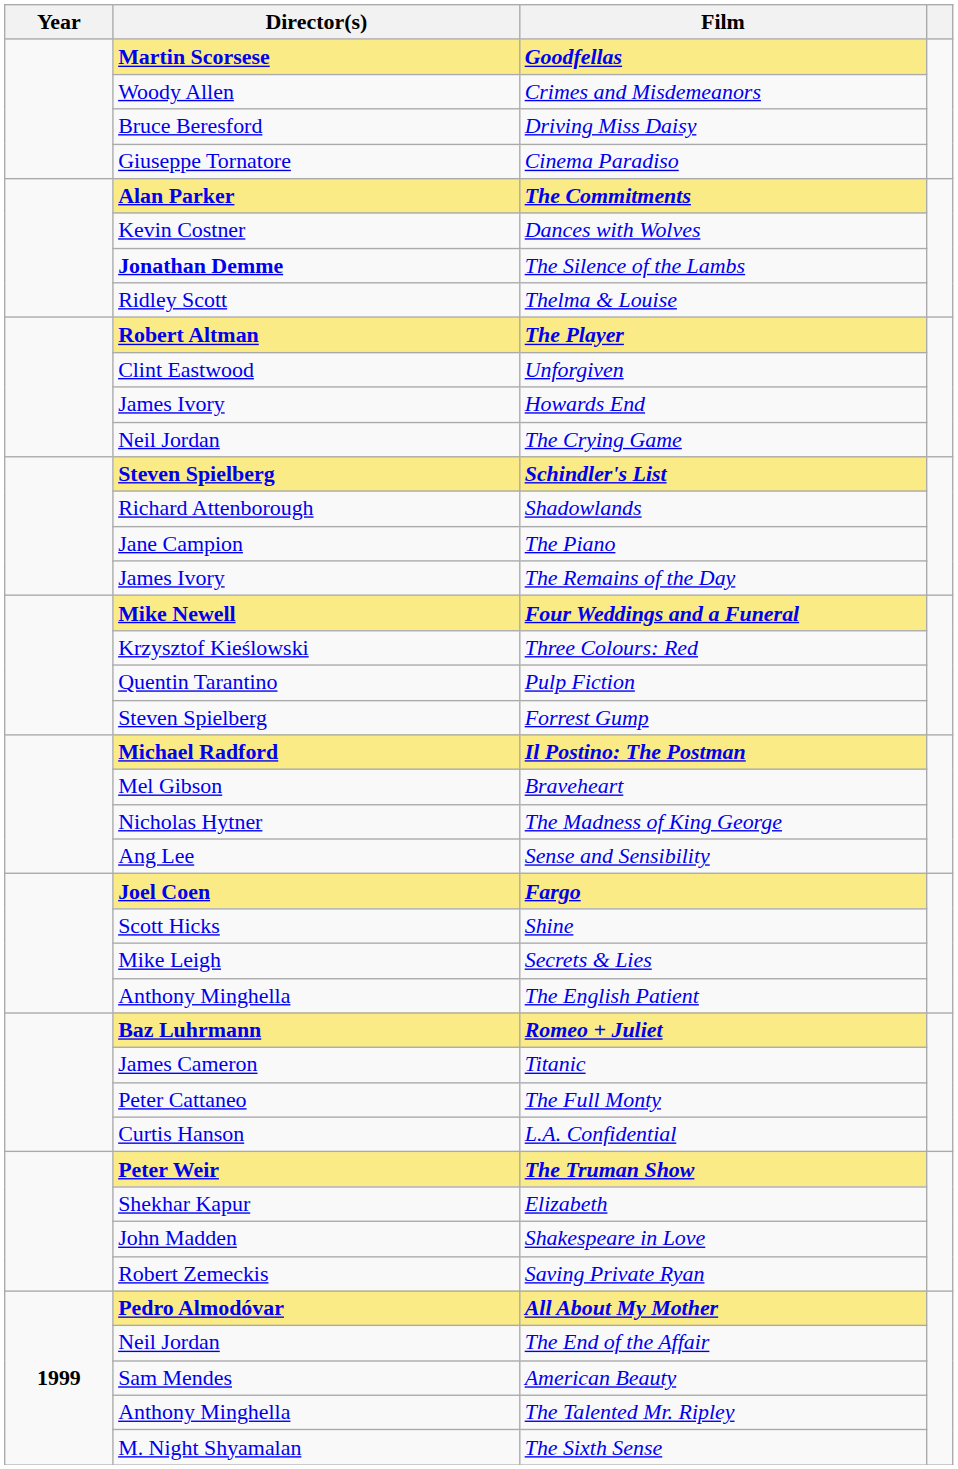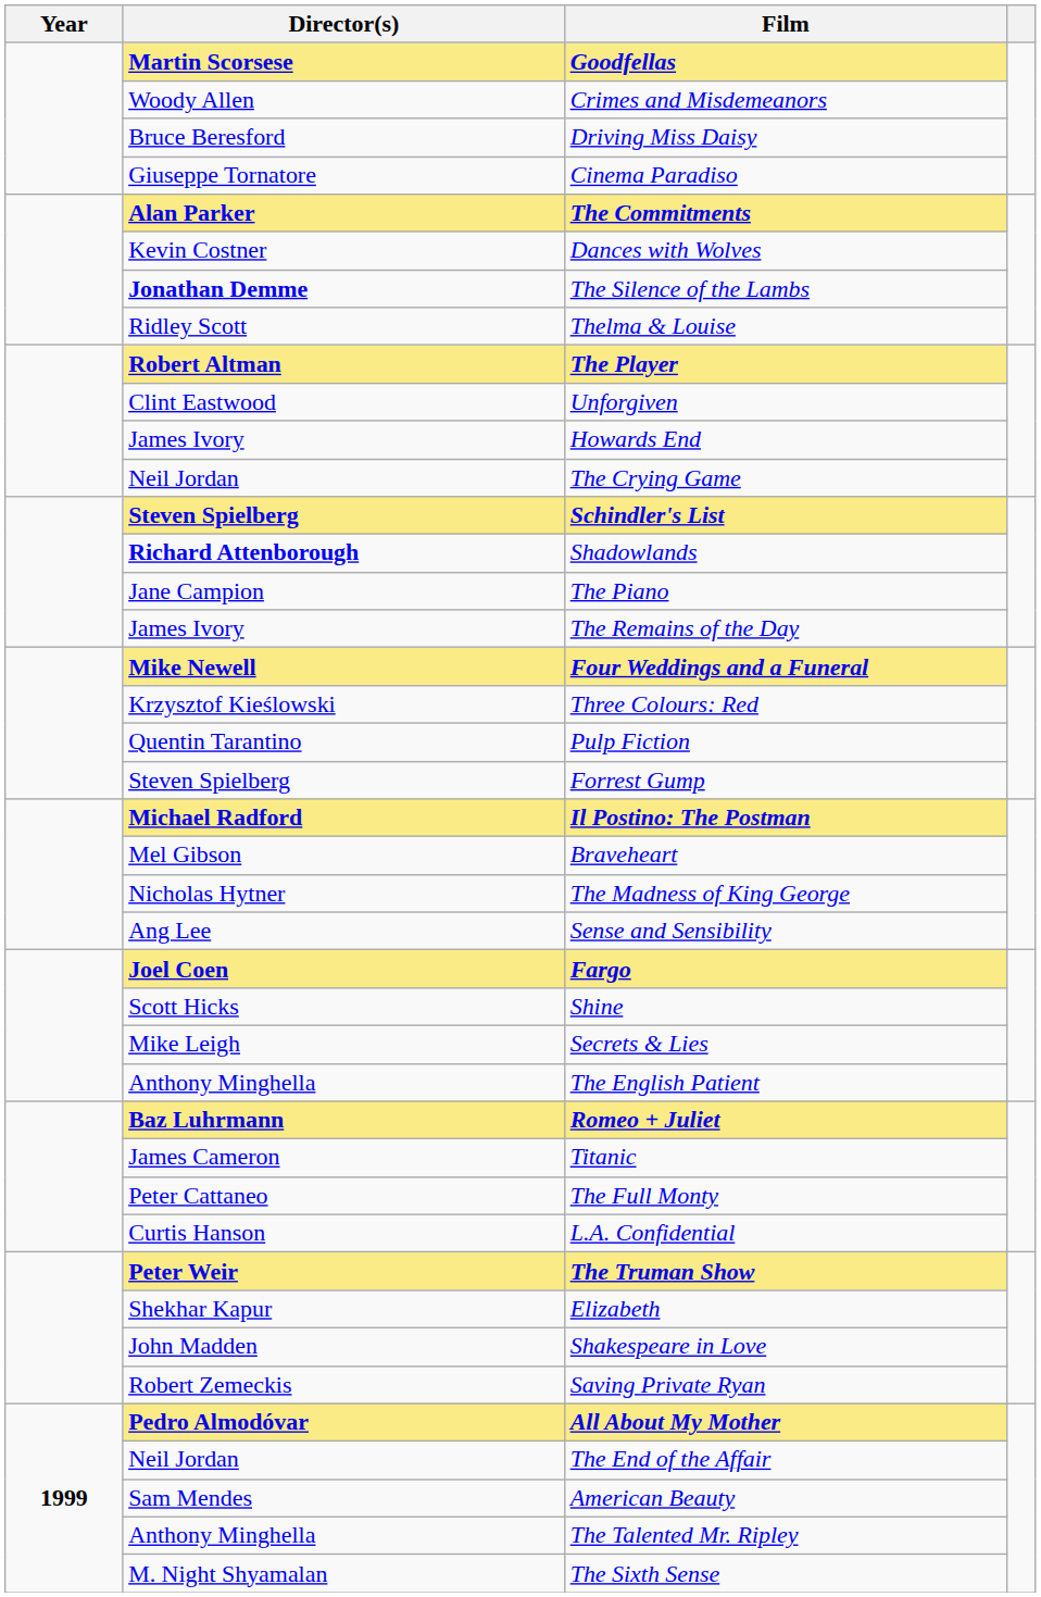 <table class="wikitable sortable">
 <tr>
 <th scope="col" style="width:8%;">Year</th>
 <th scope="col" style="width:30%;">Director(s)</th>
 <th scope="col" style="width:30%;">Film</th>
 <th scope="col" style="width:2%;" class="unsortable"></th>
 </tr>
 <tr>
 <td rowspan="4"></td>
 <td style="background:#FAEB86"><strong><a href='#'>Martin Scorsese</a></strong></td>
 <td style="background:#FAEB86"><strong><em><a href='#'>Goodfellas</a></em></strong></td>
 <td rowspan=4></td>
 </tr>
 <tr>
 <td><a href='#'>Woody Allen</a></td>
 <td><em><a href='#'>Crimes and Misdemeanors</a></em></td>
 </tr>
 <tr>
 <td><a href='#'>Bruce Beresford</a></td>
 <td><em><a href='#'>Driving Miss Daisy</a> </em></td>
 </tr>
 <tr>
 <td><a href='#'>Giuseppe Tornatore</a></td>
 <td><em><a href='#'>Cinema Paradiso</a> </em></td>
 </tr>
 <tr>
 <td rowspan="4"></td>
 <td style="background:#FAEB86"><strong><a href='#'>Alan Parker</a></strong></td>
 <td style="background:#FAEB86"><strong><em><a href='#'>The Commitments</a></em></strong></td>
 <td rowspan=4></td>
 </tr>
 <tr>
 <td><a href='#'>Kevin Costner</a></td>
 <td><em><a href='#'>Dances with Wolves</a></em></td>
 </tr>
 <tr>
 <td><strong><a href='#'>Jonathan Demme</a></strong></td>
 <td><em><a href='#'>The Silence of the Lambs</a></em></td>
 </tr>
 <tr>
 <td><a href='#'>Ridley Scott</a></td>
 <td><em><a href='#'>Thelma & Louise</a></em></td>
 </tr>
 <tr>
 <td rowspan="4"></td>
 <td style="background:#FAEB86"><strong><a href='#'>Robert Altman</a></strong></td>
 <td style="background:#FAEB86"><strong><em><a href='#'>The Player</a></em></strong></td>
 <td rowspan=4></td>
 </tr>
 <tr>
 <td><a href='#'>Clint Eastwood</a></td>
 <td><em><a href='#'>Unforgiven</a></em></td>
 </tr>
 <tr>
 <td><a href='#'>James Ivory</a></td>
 <td><em><a href='#'>Howards End</a></em></td>
 </tr>
 <tr>
 <td><a href='#'>Neil Jordan</a></td>
 <td><em><a href='#'>The Crying Game</a></em></td>
 </tr>
 <tr>
 <td rowspan="4"></td>
 <td style="background:#FAEB86"><strong><a href='#'>Steven Spielberg</a></strong></td>
 <td style="background:#FAEB86"><strong><em><a href='#'>Schindler's List</a></em></strong></td>
 <td rowspan=4></td>
 </tr>
 <tr>
-<td><a href='#'>Richard Attenborough</a></td>
+<td><strong><a href='#'>Richard Attenborough</a></strong></td>
 <td><em><a href='#'>Shadowlands</a></em></td>
 </tr>
 <tr>
 <td><a href='#'>Jane Campion</a></td>
 <td><em><a href='#'>The Piano</a></em></td>
 </tr>
 <tr>
 <td><a href='#'>James Ivory</a></td>
 <td><em><a href='#'>The Remains of the Day</a></em></td>
 </tr>
 <tr>
 <td rowspan="4"></td>
 <td style="background:#FAEB86"><strong><a href='#'>Mike Newell</a></strong></td>
 <td style="background:#FAEB86"><strong><em><a href='#'>Four Weddings and a Funeral</a></em></strong></td>
 <td rowspan=4></td>
 </tr>
 <tr>
 <td><a href='#'>Krzysztof Kieślowski</a></td>
 <td><em><a href='#'>Three Colours: Red</a></em></td>
 </tr>
 <tr>
 <td><a href='#'>Quentin Tarantino</a></td>
 <td><em><a href='#'>Pulp Fiction</a></em></td>
 </tr>
 <tr>
 <td><a href='#'>Steven Spielberg</a></td>
 <td><em><a href='#'>Forrest Gump</a></em></td>
 </tr>
 <tr>
 <td rowspan="4"></td>
 <td style="background:#FAEB86"><strong><a href='#'>Michael Radford</a></strong></td>
 <td style="background:#FAEB86"><strong><em><a href='#'>Il Postino: The Postman</a></em></strong></td>
 <td rowspan=4></td>
 </tr>
 <tr>
 <td><a href='#'>Mel Gibson</a></td>
 <td><em><a href='#'>Braveheart</a></em></td>
 </tr>
 <tr>
 <td><a href='#'>Nicholas Hytner</a></td>
 <td><em><a href='#'>The Madness of King George</a></em></td>
 </tr>
 <tr>
 <td><a href='#'>Ang Lee</a></td>
 <td><em><a href='#'>Sense and Sensibility</a></em></td>
 </tr>
 <tr>
 <td rowspan="4"></td>
 <td style="background:#FAEB86"><strong><a href='#'>Joel Coen</a></strong></td>
 <td style="background:#FAEB86"><strong><em><a href='#'>Fargo</a></em></strong></td>
 <td rowspan=4></td>
 </tr>
 <tr>
 <td><a href='#'>Scott Hicks</a></td>
 <td><em><a href='#'>Shine</a></em></td>
 </tr>
 <tr>
 <td><a href='#'>Mike Leigh</a></td>
 <td><em><a href='#'>Secrets & Lies</a></em></td>
 </tr>
 <tr>
 <td><a href='#'>Anthony Minghella</a></td>
 <td><em><a href='#'>The English Patient</a></em></td>
 </tr>
 <tr>
 <td rowspan="4"></td>
 <td style="background:#FAEB86"><strong><a href='#'>Baz Luhrmann</a></strong></td>
 <td style="background:#FAEB86"><strong><em><a href='#'>Romeo + Juliet</a></em></strong></td>
 <td rowspan=4></td>
 </tr>
 <tr>
 <td><a href='#'>James Cameron</a></td>
 <td><em><a href='#'>Titanic</a></em></td>
 </tr>
 <tr>
 <td><a href='#'>Peter Cattaneo</a></td>
 <td><em><a href='#'>The Full Monty</a></em></td>
 </tr>
 <tr>
 <td><a href='#'>Curtis Hanson</a></td>
 <td><em><a href='#'>L.A. Confidential</a></em></td>
 </tr>
 <tr>
 <td rowspan="4"></td>
 <td style="background:#FAEB86"><strong><a href='#'>Peter Weir</a></strong></td>
 <td style="background:#FAEB86"><strong><em><a href='#'>The Truman Show</a></em></strong></td>
 <td rowspan=4></td>
 </tr>
 <tr>
 <td><a href='#'>Shekhar Kapur</a></td>
 <td><em><a href='#'>Elizabeth</a></em></td>
 </tr>
 <tr>
 <td><a href='#'>John Madden</a></td>
 <td><em><a href='#'>Shakespeare in Love</a></em></td>
 </tr>
 <tr>
 <td><a href='#'>Robert Zemeckis</a></td>
 <td><em><a href='#'>Saving Private Ryan</a></em></td>
 </tr>
 <tr>
 <td rowspan="5", align=center><strong>1999</strong><br></td>
 <td style="background:#FAEB86"><strong><a href='#'>Pedro Almodóvar</a></strong></td>
 <td style="background:#FAEB86"><strong><em><a href='#'>All About My Mother</a></em></strong></td>
 <td rowspan=5></td>
 </tr>
 <tr>
 <td><a href='#'>Neil Jordan</a></td>
 <td><em><a href='#'>The End of the Affair</a></em></td>
 </tr>
 <tr>
 <td><a href='#'>Sam Mendes</a></td>
 <td><em><a href='#'>American Beauty</a></em></td>
 </tr>
 <tr>
 <td><a href='#'>Anthony Minghella</a></td>
 <td><em><a href='#'>The Talented Mr. Ripley</a></em></td>
 </tr>
 <tr>
 <td><a href='#'>M. Night Shyamalan</a></td>
 <td><em><a href='#'>The Sixth Sense</a></em></td>
 </tr>
 </table>
